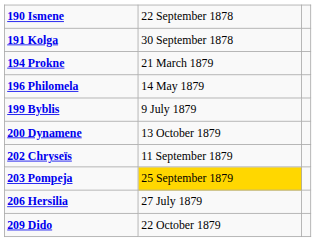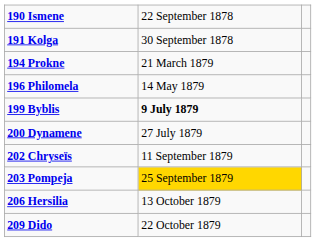 <table class="wikitable" style="font-size: 89%; float: left; width: 26em; margin-right: 1em; height: 280px;">
 <tr>
 <td><strong><a href='#'>190 Ismene</a></strong></td>
 <td>22 September 1878</td>
 <td></td>
 </tr>
 <tr>
 <td><strong><a href='#'>191 Kolga</a></strong></td>
 <td>30 September 1878</td>
 <td></td>
 </tr>
 <tr>
 <td><strong><a href='#'>194 Prokne</a></strong></td>
 <td>21 March 1879</td>
 <td></td>
 </tr>
 <tr>
 <td><strong><a href='#'>196 Philomela</a></strong></td>
 <td>14 May 1879</td>
 <td></td>
 </tr>
 <tr>
 <td><strong><a href='#'>199 Byblis</a></strong></td>
-<td>9 July 1879</td>
+<td><strong>9 July 1879</strong></td>
 <td></td>
 </tr>
 <tr>
 <td><strong><a href='#'>200 Dynamene</a></strong></td>
-<td>13 October 1879</td>
+<td>27 July 1879</td>
 <td></td>
 </tr>
 <tr>
 <td><strong><a href='#'>202 Chryseïs</a></strong></td>
 <td>11 September 1879</td>
 <td></td>
 </tr>
 <tr>
 <td><strong><a href='#'>203 Pompeja</a></strong></td>
 <td style="background: gold;">25 September 1879</td>
 <td></td>
 </tr>
 <tr>
 <td><strong><a href='#'>206 Hersilia</a></strong></td>
-<td>27 July 1879</td>
+<td>13 October 1879</td>
 <td></td>
 </tr>
 <tr>
 <td><strong><a href='#'>209 Dido</a></strong></td>
 <td>22 October 1879</td>
 <td></td>
 </tr>
 </table>
